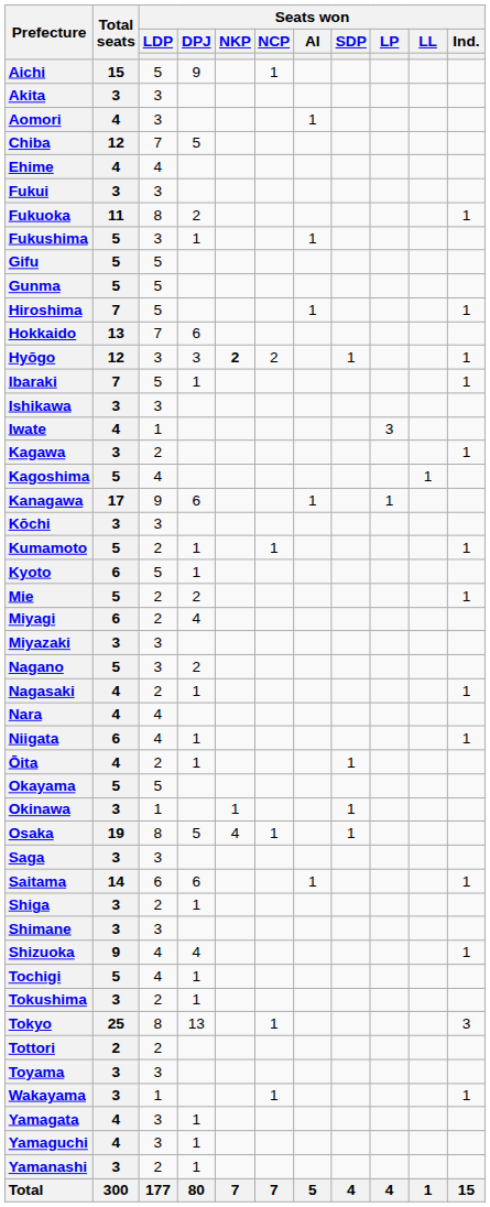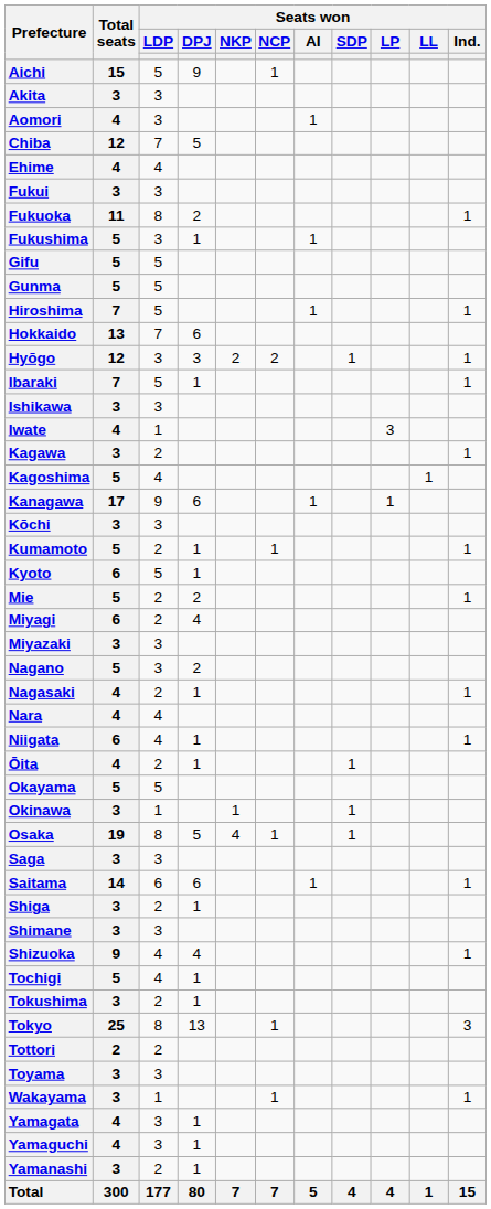 <table class="wikitable" style="text-align:center; font-size: 0.9em;">
 <tr>
 <th rowspan="3">Prefecture</th>
 <th rowspan="3">Total<br>seats</th>
 <th colspan="9">Seats won</th>
 </tr>
 <tr>
 <th class="unsortable" style="width:30px"><a href='#'>LDP</a></th>
 <th class="unsortable" style="width:30px"><a href='#'>DPJ</a></th>
 <th class="unsortable" style="width:30px"><a href='#'>NKP</a></th>
 <th class="unsortable" style="width:30px"><a href='#'>NCP</a></th>
 <th class="unsortable" style="width:30px">AI</th>
 <th class="unsortable" style="width:30px"><a href='#'>SDP</a></th>
 <th class="unsortable" style="width:30px"><a href='#'>LP</a></th>
 <th class="unsortable" style="width:30px"><a href='#'>LL</a></th>
 <th class="unsortable" style="width:30px">Ind.</th>
 </tr>
 <tr>
 <th style="background:"></th>
 <th style="background:"></th>
 <th style="background:"></th>
 <th style="background:"></th>
 <th style="background:"></th>
 <th style="background:"></th>
 <th style="background:"></th>
 <th style="background:"></th>
 <th style="background:"></th>
 </tr>
 <tr>
 <th style="text-align: left"><a href='#'>Aichi</a></th>
 <th>15</th>
 <td>5</td>
 <td>9</td>
 <td></td>
 <td>1</td>
 <td></td>
 <td></td>
 <td></td>
 <td></td>
 <td></td>
 </tr>
 <tr>
 <th style="text-align: left"><a href='#'>Akita</a></th>
 <th>3</th>
 <td>3</td>
 <td></td>
 <td></td>
 <td></td>
 <td></td>
 <td></td>
 <td></td>
 <td></td>
 <td></td>
 </tr>
 <tr>
 <th style="text-align: left"><a href='#'>Aomori</a></th>
 <th>4</th>
 <td>3</td>
 <td></td>
 <td></td>
 <td></td>
 <td>1</td>
 <td></td>
 <td></td>
 <td></td>
 <td></td>
 </tr>
 <tr>
 <th style="text-align: left"><a href='#'>Chiba</a></th>
 <th>12</th>
 <td>7</td>
 <td>5</td>
 <td></td>
 <td></td>
 <td></td>
 <td></td>
 <td></td>
 <td></td>
 <td></td>
 </tr>
 <tr>
 <th style="text-align: left"><a href='#'>Ehime</a></th>
 <th>4</th>
 <td>4</td>
 <td></td>
 <td></td>
 <td></td>
 <td></td>
 <td></td>
 <td></td>
 <td></td>
 <td></td>
 </tr>
 <tr>
 <th style="text-align: left"><a href='#'>Fukui</a></th>
 <th>3</th>
 <td>3</td>
 <td></td>
 <td></td>
 <td></td>
 <td></td>
 <td></td>
 <td></td>
 <td></td>
 <td></td>
 </tr>
 <tr>
 <th style="text-align: left"><a href='#'>Fukuoka</a></th>
 <th>11</th>
 <td>8</td>
 <td>2</td>
 <td></td>
 <td></td>
 <td></td>
 <td></td>
 <td></td>
 <td></td>
 <td>1</td>
 </tr>
 <tr>
 <th style="text-align: left"><a href='#'>Fukushima</a></th>
 <th>5</th>
 <td>3</td>
 <td>1</td>
 <td></td>
 <td></td>
 <td>1</td>
 <td></td>
 <td></td>
 <td></td>
 <td></td>
 </tr>
 <tr>
 <th style="text-align: left"><a href='#'>Gifu</a></th>
 <th>5</th>
 <td>5</td>
 <td></td>
 <td></td>
 <td></td>
 <td></td>
 <td></td>
 <td></td>
 <td></td>
 <td></td>
 </tr>
 <tr>
 <th style="text-align: left"><a href='#'>Gunma</a></th>
 <th>5</th>
 <td>5</td>
 <td></td>
 <td></td>
 <td></td>
 <td></td>
 <td></td>
 <td></td>
 <td></td>
 <td></td>
 </tr>
 <tr>
 <th style="text-align: left"><a href='#'>Hiroshima</a></th>
 <th>7</th>
 <td>5</td>
 <td></td>
 <td></td>
 <td></td>
 <td>1</td>
 <td></td>
 <td></td>
 <td></td>
 <td>1</td>
 </tr>
 <tr>
 <th style="text-align: left"><a href='#'>Hokkaido</a></th>
 <th>13</th>
 <td>7</td>
 <td>6</td>
 <td></td>
 <td></td>
 <td></td>
 <td></td>
 <td></td>
 <td></td>
 <td></td>
 </tr>
 <tr>
 <th style="text-align: left"><a href='#'>Hyōgo</a></th>
 <th>12</th>
 <td>3</td>
 <td>3</td>
-<td><strong>2</strong></td>
+<td>2</td>
 <td>2</td>
 <td></td>
 <td>1</td>
 <td></td>
 <td></td>
 <td>1</td>
 </tr>
 <tr>
 <th style="text-align: left"><a href='#'>Ibaraki</a></th>
 <th>7</th>
 <td>5</td>
 <td>1</td>
 <td></td>
 <td></td>
 <td></td>
 <td></td>
 <td></td>
 <td></td>
 <td>1</td>
 </tr>
 <tr>
 <th style="text-align: left"><a href='#'>Ishikawa</a></th>
 <th>3</th>
 <td>3</td>
 <td></td>
 <td></td>
 <td></td>
 <td></td>
 <td></td>
 <td></td>
 <td></td>
 <td></td>
 </tr>
 <tr>
 <th style="text-align: left"><a href='#'>Iwate</a></th>
 <th>4</th>
 <td>1</td>
 <td></td>
 <td></td>
 <td></td>
 <td></td>
 <td></td>
 <td>3</td>
 <td></td>
 <td></td>
 </tr>
 <tr>
 <th style="text-align: left"><a href='#'>Kagawa</a></th>
 <th>3</th>
 <td>2</td>
 <td></td>
 <td></td>
 <td></td>
 <td></td>
 <td></td>
 <td></td>
 <td></td>
 <td>1</td>
 </tr>
 <tr>
 <th style="text-align: left"><a href='#'>Kagoshima</a></th>
 <th>5</th>
 <td>4</td>
 <td></td>
 <td></td>
 <td></td>
 <td></td>
 <td></td>
 <td></td>
 <td>1</td>
 <td></td>
 </tr>
 <tr>
 <th style="text-align: left"><a href='#'>Kanagawa</a></th>
 <th>17</th>
 <td>9</td>
 <td>6</td>
 <td></td>
 <td></td>
 <td>1</td>
 <td></td>
 <td>1</td>
 <td></td>
 <td></td>
 </tr>
 <tr>
 <th style="text-align: left"><a href='#'>Kōchi</a></th>
 <th>3</th>
 <td>3</td>
 <td></td>
 <td></td>
 <td></td>
 <td></td>
 <td></td>
 <td></td>
 <td></td>
 <td></td>
 </tr>
 <tr>
 <th style="text-align: left"><a href='#'>Kumamoto</a></th>
 <th>5</th>
 <td>2</td>
 <td>1</td>
 <td></td>
 <td>1</td>
 <td></td>
 <td></td>
 <td></td>
 <td></td>
 <td>1</td>
 </tr>
 <tr>
 <th style="text-align: left"><a href='#'>Kyoto</a></th>
 <th>6</th>
 <td>5</td>
 <td>1</td>
 <td></td>
 <td></td>
 <td></td>
 <td></td>
 <td></td>
 <td></td>
 <td></td>
 </tr>
 <tr>
 <th style="text-align: left"><a href='#'>Mie</a></th>
 <th>5</th>
 <td>2</td>
 <td>2</td>
 <td></td>
 <td></td>
 <td></td>
 <td></td>
 <td></td>
 <td></td>
 <td>1</td>
 </tr>
 <tr>
 <th style="text-align: left"><a href='#'>Miyagi</a></th>
 <th>6</th>
 <td>2</td>
 <td>4</td>
 <td></td>
 <td></td>
 <td></td>
 <td></td>
 <td></td>
 <td></td>
 <td></td>
 </tr>
 <tr>
 <th style="text-align: left"><a href='#'>Miyazaki</a></th>
 <th>3</th>
 <td>3</td>
 <td></td>
 <td></td>
 <td></td>
 <td></td>
 <td></td>
 <td></td>
 <td></td>
 <td></td>
 </tr>
 <tr>
 <th style="text-align: left"><a href='#'>Nagano</a></th>
 <th>5</th>
 <td>3</td>
 <td>2</td>
 <td></td>
 <td></td>
 <td></td>
 <td></td>
 <td></td>
 <td></td>
 <td></td>
 </tr>
 <tr>
 <th style="text-align: left"><a href='#'>Nagasaki</a></th>
 <th>4</th>
 <td>2</td>
 <td>1</td>
 <td></td>
 <td></td>
 <td></td>
 <td></td>
 <td></td>
 <td></td>
 <td>1</td>
 </tr>
 <tr>
 <th style="text-align: left"><a href='#'>Nara</a></th>
 <th>4</th>
 <td>4</td>
 <td></td>
 <td></td>
 <td></td>
 <td></td>
 <td></td>
 <td></td>
 <td></td>
 <td></td>
 </tr>
 <tr>
 <th style="text-align: left"><a href='#'>Niigata</a></th>
 <th>6</th>
 <td>4</td>
 <td>1</td>
 <td></td>
 <td></td>
 <td></td>
 <td></td>
 <td></td>
 <td></td>
 <td>1</td>
 </tr>
 <tr>
 <th style="text-align: left"><a href='#'>Ōita</a></th>
 <th>4</th>
 <td>2</td>
 <td>1</td>
 <td></td>
 <td></td>
 <td></td>
 <td>1</td>
 <td></td>
 <td></td>
 <td></td>
 </tr>
 <tr>
 <th style="text-align: left"><a href='#'>Okayama</a></th>
 <th>5</th>
 <td>5</td>
 <td></td>
 <td></td>
 <td></td>
 <td></td>
 <td></td>
 <td></td>
 <td></td>
 <td></td>
 </tr>
 <tr>
 <th style="text-align: left"><a href='#'>Okinawa</a></th>
 <th>3</th>
 <td>1</td>
 <td></td>
 <td>1</td>
 <td></td>
 <td></td>
 <td>1</td>
 <td></td>
 <td></td>
 <td></td>
 </tr>
 <tr>
 <th style="text-align: left"><a href='#'>Osaka</a></th>
 <th>19</th>
 <td>8</td>
 <td>5</td>
 <td>4</td>
 <td>1</td>
 <td></td>
 <td>1</td>
 <td></td>
 <td></td>
 <td></td>
 </tr>
 <tr>
 <th style="text-align: left"><a href='#'>Saga</a></th>
 <th>3</th>
 <td>3</td>
 <td></td>
 <td></td>
 <td></td>
 <td></td>
 <td></td>
 <td></td>
 <td></td>
 <td></td>
 </tr>
 <tr>
 <th style="text-align: left"><a href='#'>Saitama</a></th>
 <th>14</th>
 <td>6</td>
 <td>6</td>
 <td></td>
 <td></td>
 <td>1</td>
 <td></td>
 <td></td>
 <td></td>
 <td>1</td>
 </tr>
 <tr>
 <th style="text-align: left"><a href='#'>Shiga</a></th>
 <th>3</th>
 <td>2</td>
 <td>1</td>
 <td></td>
 <td></td>
 <td></td>
 <td></td>
 <td></td>
 <td></td>
 <td></td>
 </tr>
 <tr>
 <th style="text-align: left"><a href='#'>Shimane</a></th>
 <th>3</th>
 <td>3</td>
 <td></td>
 <td></td>
 <td></td>
 <td></td>
 <td></td>
 <td></td>
 <td></td>
 <td></td>
 </tr>
 <tr>
 <th style="text-align: left"><a href='#'>Shizuoka</a></th>
 <th>9</th>
 <td>4</td>
 <td>4</td>
 <td></td>
 <td></td>
 <td></td>
 <td></td>
 <td></td>
 <td></td>
 <td>1</td>
 </tr>
 <tr>
 <th style="text-align: left"><a href='#'>Tochigi</a></th>
 <th>5</th>
 <td>4</td>
 <td>1</td>
 <td></td>
 <td></td>
 <td></td>
 <td></td>
 <td></td>
 <td></td>
 <td></td>
 </tr>
 <tr>
 <th style="text-align: left"><a href='#'>Tokushima</a></th>
 <th>3</th>
 <td>2</td>
 <td>1</td>
 <td></td>
 <td></td>
 <td></td>
 <td></td>
 <td></td>
 <td></td>
 <td></td>
 </tr>
 <tr>
 <th style="text-align: left"><a href='#'>Tokyo</a></th>
 <th>25</th>
 <td>8</td>
 <td>13</td>
 <td></td>
 <td>1</td>
 <td></td>
 <td></td>
 <td></td>
 <td></td>
 <td>3</td>
 </tr>
 <tr>
 <th style="text-align: left"><a href='#'>Tottori</a></th>
 <th>2</th>
 <td>2</td>
 <td></td>
 <td></td>
 <td></td>
 <td></td>
 <td></td>
 <td></td>
 <td></td>
 <td></td>
 </tr>
 <tr>
 <th style="text-align: left"><a href='#'>Toyama</a></th>
 <th>3</th>
 <td>3</td>
 <td></td>
 <td></td>
 <td></td>
 <td></td>
 <td></td>
 <td></td>
 <td></td>
 <td></td>
 </tr>
 <tr>
 <th style="text-align: left"><a href='#'>Wakayama</a></th>
 <th>3</th>
 <td>1</td>
 <td></td>
 <td></td>
 <td>1</td>
 <td></td>
 <td></td>
 <td></td>
 <td></td>
 <td>1</td>
 </tr>
 <tr>
 <th style="text-align: left"><a href='#'>Yamagata</a></th>
 <th>4</th>
 <td>3</td>
 <td>1</td>
 <td></td>
 <td></td>
 <td></td>
 <td></td>
 <td></td>
 <td></td>
 <td></td>
 </tr>
 <tr>
 <th style="text-align: left"><a href='#'>Yamaguchi</a></th>
 <th>4</th>
 <td>3</td>
 <td>1</td>
 <td></td>
 <td></td>
 <td></td>
 <td></td>
 <td></td>
 <td></td>
 <td></td>
 </tr>
 <tr>
 <th style="text-align: left"><a href='#'>Yamanashi</a></th>
 <th>3</th>
 <td>2</td>
 <td>1</td>
 <td></td>
 <td></td>
 <td></td>
 <td></td>
 <td></td>
 <td></td>
 <td></td>
 </tr>
 <tr class="sortbottom">
 <th style="text-align: left">Total</th>
 <th>300</th>
 <th>177</th>
 <th>80</th>
 <th>7</th>
 <th>7</th>
 <th>5</th>
 <th>4</th>
 <th>4</th>
 <th>1</th>
 <th>15</th>
 </tr>
 </table>
